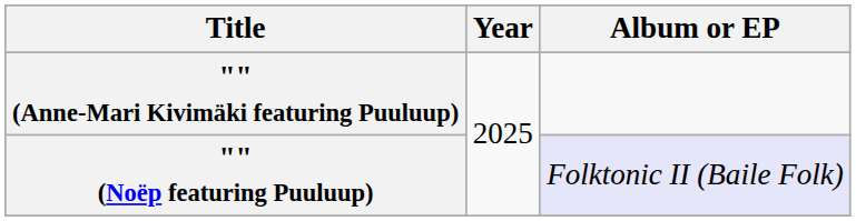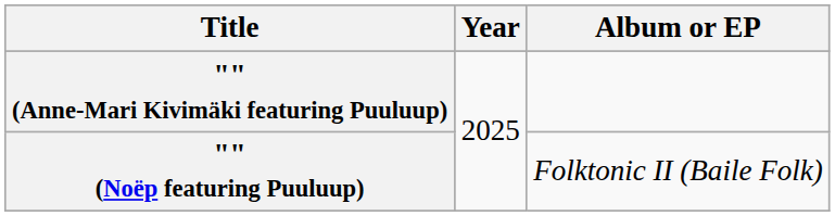 <table class="wikitable plainrowheaders" style="text-align:center;">
 <tr>
 <th scope="col">Title</th>
 <th scope="col">Year</th>
 <th scope="col">Album or EP</th>
 </tr>
 <tr>
 <th scope="row">""<br><small>(Anne-Mari Kivimäki featuring Puuluup)</small></th>
 <td rowspan="2">2025</td>
 <td></td>
 </tr>
 <tr>
 <th scope="row">""<br><small>(<a href='#'>Noëp</a> featuring Puuluup)</small></th>
-<td style="background: lavender;"><em>Folktonic II (Baile Folk)</em></td>
+<td><em>Folktonic II (Baile Folk)</em></td>
 </tr>
 </table>
